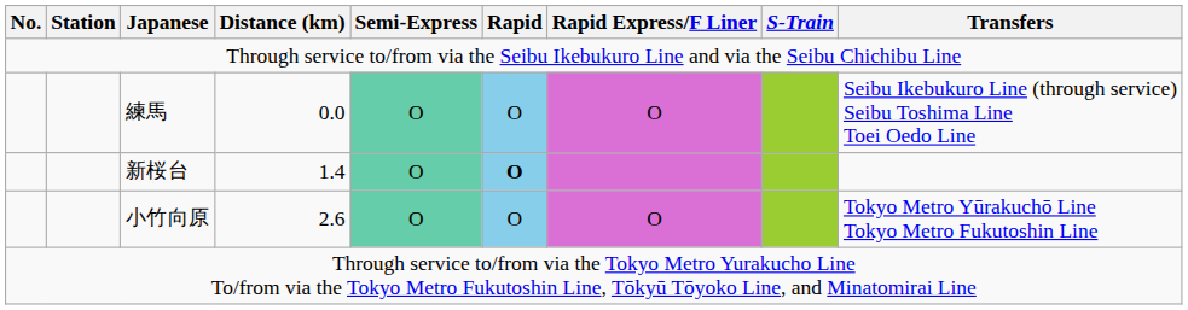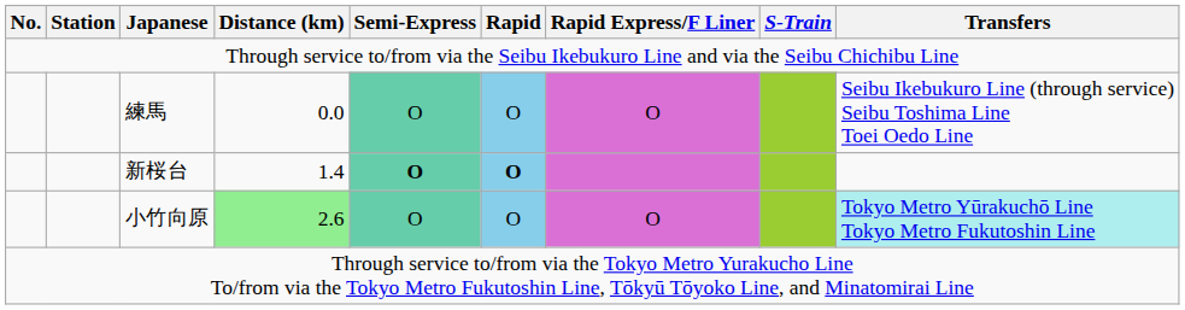 <table class="wikitable">
 <tr>
 <th>No.</th>
 <th>Station</th>
 <th>Japanese</th>
 <th>Distance (km)</th>
 <th>Semi-Express</th>
 <th>Rapid</th>
 <th>Rapid Express/<a href='#'>F Liner</a></th>
 <th><em><a href='#'>S-Train</a></em></th>
 <th>Transfers</th>
 </tr>
 <tr>
 <td colspan="9" style="text-align:center">Through service to/from  via the  <a href='#'>Seibu Ikebukuro Line</a> and  via the  <a href='#'>Seibu Chichibu Line</a></td>
 </tr>
 <tr>
 <td></td>
 <td></td>
 <td>練馬</td>
 <td style="text-align:right;">0.0</td>
 <td style="text-align:center; background:MediumAquamarine;">O</td>
 <td style="text-align:center; background:SkyBlue;">O</td>
 <td style="text-align:center; background:Orchid;">O</td>
 <td style="text-align:center; background:YellowGreen;"></td>
 <td> <a href='#'>Seibu Ikebukuro Line</a> (through service)<br> <a href='#'>Seibu Toshima Line</a><br> <a href='#'>Toei Oedo Line</a></td>
 </tr>
 <tr>
 <td></td>
 <td></td>
 <td>新桜台</td>
 <td style="text-align:right;">1.4</td>
-<td style="text-align:center; background:MediumAquamarine;">O</td>
+<td style="text-align:center; background:MediumAquamarine;"><strong>O</strong></td>
 <td style="text-align:center; background:SkyBlue;"><strong>O</strong></td>
 <td style="text-align:center; background:Orchid;"></td>
 <td style="text-align:center; background:YellowGreen;"></td>
 <td> </td>
 </tr>
 <tr>
 <td></td>
 <td></td>
 <td>小竹向原</td>
-<td style="text-align:right;">2.6</td>
+<td style="background: lightgreen; text-align:right;">2.6</td>
 <td style="text-align:center; background:MediumAquamarine;">O</td>
 <td style="text-align:center; background:SkyBlue;">O</td>
 <td style="text-align:center; background:Orchid;">O</td>
 <td style="text-align:center; background:YellowGreen;"></td>
-<td> <a href='#'>Tokyo Metro Yūrakuchō Line</a><br> <a href='#'>Tokyo Metro Fukutoshin Line</a></td>
+<td style="background: paleturquoise;"> <a href='#'>Tokyo Metro Yūrakuchō Line</a><br> <a href='#'>Tokyo Metro Fukutoshin Line</a></td>
 </tr>
 <tr>
 <td colspan="9" style="text-align:center">Through service to/from  via the  <a href='#'>Tokyo Metro Yurakucho Line</a><br> To/from  via the  <a href='#'>Tokyo Metro Fukutoshin Line</a>,  <a href='#'>Tōkyū Tōyoko Line</a>, and  <a href='#'>Minatomirai Line</a></td>
 </tr>
 </table>
